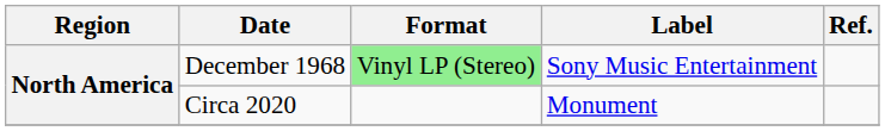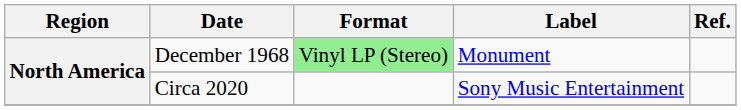 <table class="wikitable plainrowheaders">
 <tr>
 <th scope="col">Region</th>
 <th scope="col">Date</th>
 <th scope="col">Format</th>
 <th scope="col">Label</th>
 <th scope="col">Ref.</th>
 </tr>
 <tr>
 <th scope="row" rowspan="2">North America</th>
 <td>December 1968</td>
 <td style="background: lightgreen;">Vinyl LP (Stereo)</td>
-<td><a href='#'>Sony Music Entertainment</a></td>
+<td><a href='#'>Monument</a></td>
 <td></td>
 </tr>
 <tr>
 <td>Circa 2020</td>
 <td></td>
-<td><a href='#'>Monument</a></td>
+<td><a href='#'>Sony Music Entertainment</a></td>
 <td></td>
 </tr>
 <tr>
 </tr>
 </table>
